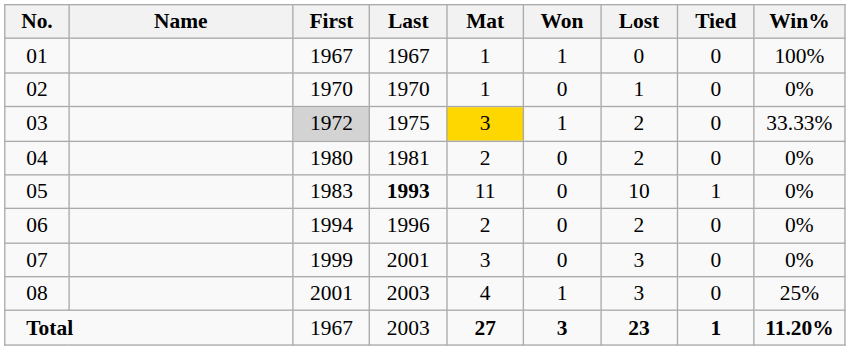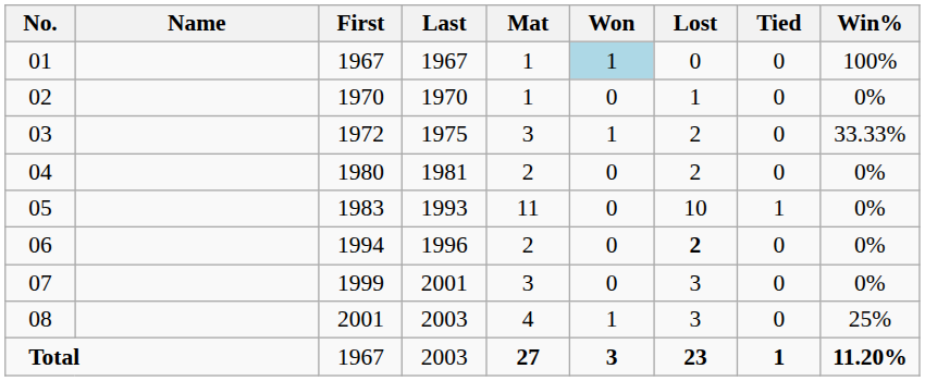 <table class="wikitable sortable" style="margin: 1em auto 1em auto">
 <tr>
 <th width="40">No.</th>
 <th width="160">Name</th>
 <th width="50">First</th>
 <th width="50">Last</th>
 <th width="50">Mat</th>
 <th width="50">Won</th>
 <th width="50">Lost</th>
 <th width="50">Tied</th>
 <th width="60">Win%</th>
 </tr>
 <tr align=center>
 <td><span>0</span>1</td>
 <td align=left></td>
 <td>1967</td>
 <td>1967</td>
 <td>1</td>
-<td>1</td>
+<td style="background: lightblue;">1</td>
 <td>0</td>
 <td>0</td>
 <td>100%</td>
 </tr>
 <tr align=center>
 <td><span>0</span>2</td>
 <td align=left></td>
 <td>1970</td>
 <td>1970</td>
 <td>1</td>
 <td>0</td>
 <td>1</td>
 <td>0</td>
 <td>0%</td>
 </tr>
 <tr align=center>
 <td><span>0</span>3</td>
 <td align=left></td>
-<td style="background: lightgrey;">1972</td>
+<td>1972</td>
 <td>1975</td>
-<td style="background: gold;">3</td>
+<td>3</td>
 <td>1</td>
 <td>2</td>
 <td>0</td>
 <td>33.33%</td>
 </tr>
 <tr align=center>
 <td><span>0</span>4</td>
 <td align=left></td>
 <td>1980</td>
 <td>1981</td>
 <td>2</td>
 <td>0</td>
 <td>2</td>
 <td>0</td>
 <td>0%</td>
 </tr>
 <tr align=center>
 <td><span>0</span>5</td>
 <td align=left></td>
 <td>1983</td>
-<td><strong>1993</strong></td>
+<td>1993</td>
 <td>11</td>
 <td>0</td>
 <td>10</td>
 <td>1</td>
 <td>0%</td>
 </tr>
 <tr align=center>
 <td><span>0</span>6</td>
 <td align=left></td>
 <td>1994</td>
 <td>1996</td>
 <td>2</td>
 <td>0</td>
-<td>2</td>
+<td><strong>2</strong></td>
 <td>0</td>
 <td>0%</td>
 </tr>
 <tr align=center>
 <td><span>0</span>7</td>
 <td align=left></td>
 <td>1999</td>
 <td>2001</td>
 <td>3</td>
 <td>0</td>
 <td>3</td>
 <td>0</td>
 <td>0%</td>
 </tr>
 <tr align=center>
 <td><span>0</span>8</td>
 <td align=left></td>
 <td>2001</td>
 <td>2003</td>
 <td>4</td>
 <td>1</td>
 <td>3</td>
 <td>0</td>
 <td>25%</td>
 </tr>
 <tr class="sortbottom" align=center>
 <td colspan=2 align=left><strong>   Total</strong></td>
 <td>1967</td>
 <td>2003</td>
 <td><strong>27</strong></td>
 <td><strong>3</strong></td>
 <td><strong>23</strong></td>
 <td><strong>1</strong></td>
 <td><strong>11.20%</strong></td>
 </tr>
 </table>
